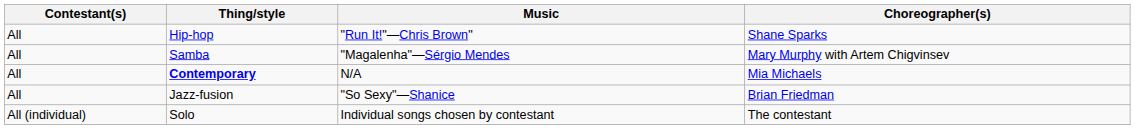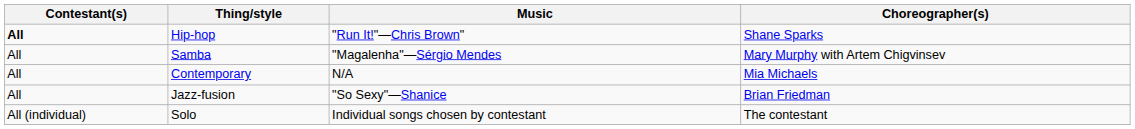 <table class="wikitable" style="width:90%;">
 <tr>
 <th>Contestant(s)</th>
 <th>Thing/style</th>
 <th>Music</th>
 <th>Choreographer(s)</th>
 </tr>
 <tr>
-<td>All</td>
+<td><strong>All</strong></td>
 <td><a href='#'>Hip-hop</a></td>
 <td>"<a href='#'>Run It!</a>"—<a href='#'>Chris Brown</a>"</td>
 <td><a href='#'>Shane Sparks</a></td>
 </tr>
 <tr>
 <td>All</td>
 <td><a href='#'>Samba</a></td>
 <td>"Magalenha"—<a href='#'>Sérgio Mendes</a></td>
 <td><a href='#'>Mary Murphy</a> with Artem Chigvinsev</td>
 </tr>
 <tr>
 <td>All</td>
-<td><strong><a href='#'>Contemporary</a></strong></td>
+<td><a href='#'>Contemporary</a></td>
 <td>N/A</td>
 <td><a href='#'>Mia Michaels</a></td>
 </tr>
 <tr>
 <td>All</td>
 <td>Jazz-fusion</td>
 <td>"So Sexy"—<a href='#'>Shanice</a></td>
 <td><a href='#'>Brian Friedman</a></td>
 </tr>
 <tr>
 <td>All (individual)</td>
 <td>Solo</td>
 <td>Individual songs chosen by contestant</td>
 <td>The contestant</td>
 </tr>
 </table>
